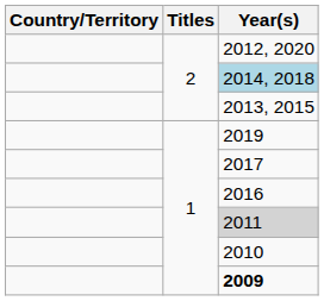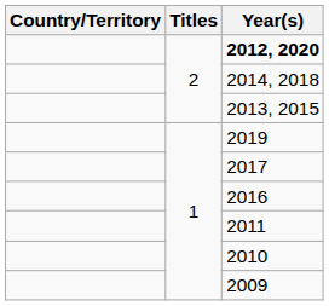 <table class="wikitable sortable" style="font-size:95%;">
 <tr>
 <th>Country/Territory</th>
 <th>Titles</th>
 <th>Year(s)</th>
 </tr>
 <tr>
 <td></td>
 <td rowspan="3" style="text-align:center;">2</td>
-<td>2012, 2020</td>
+<td><strong>2012, 2020</strong></td>
 </tr>
 <tr>
 <td></td>
-<td style="background: lightblue;">2014, 2018</td>
+<td>2014, 2018</td>
 </tr>
 <tr>
 <td></td>
 <td>2013, 2015</td>
 </tr>
 <tr>
 <td></td>
 <td rowspan="6" style="text-align:center;">1</td>
 <td>2019</td>
 </tr>
 <tr>
 <td></td>
 <td>2017</td>
 </tr>
 <tr>
 <td></td>
 <td>2016</td>
 </tr>
 <tr>
 <td></td>
-<td style="background: lightgrey;">2011</td>
+<td>2011</td>
 </tr>
 <tr>
 <td></td>
 <td>2010</td>
 </tr>
 <tr>
 <td></td>
-<td><strong>2009</strong></td>
+<td>2009</td>
 </tr>
 </table>
